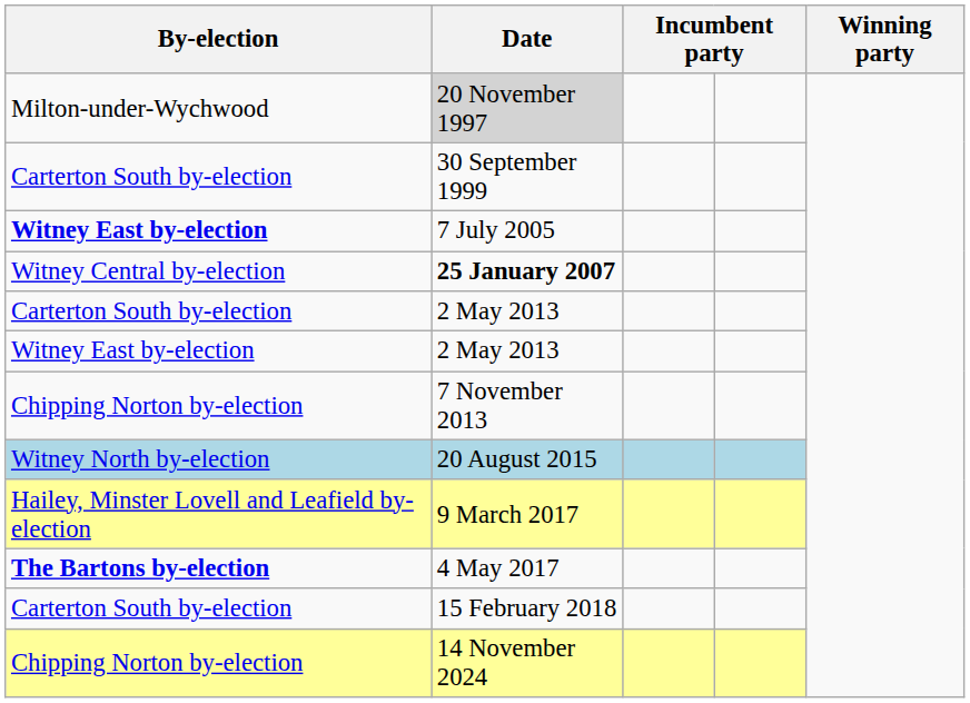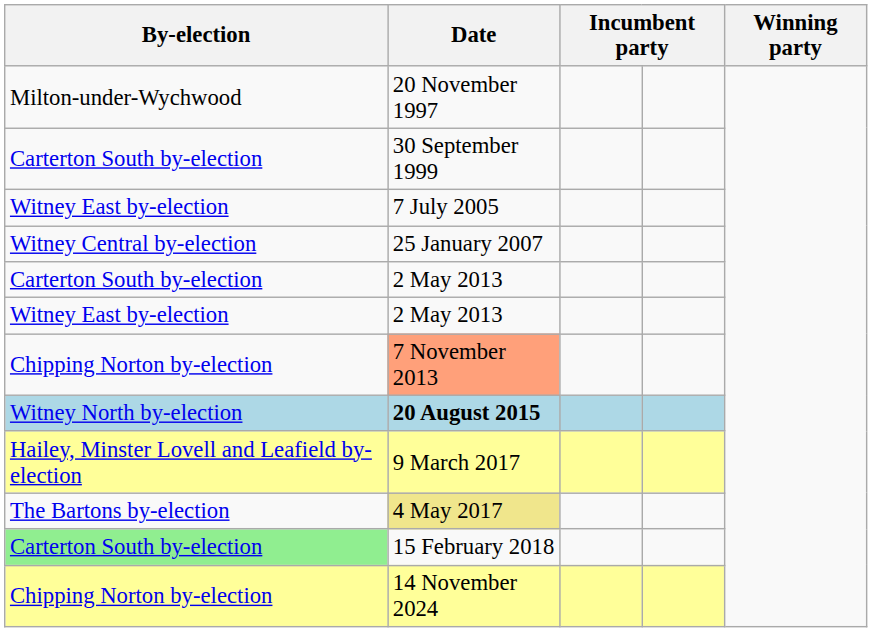 <table class="wikitable">
 <tr>
 <th>By-election</th>
 <th>Date</th>
 <th colspan=2>Incumbent party</th>
 <th colspan=2>Winning party</th>
 </tr>
 <tr>
 <td>Milton-under-Wychwood</td>
-<td style="background: lightgrey;">20 November 1997</td>
+<td>20 November 1997</td>
 <td></td>
 <td></td>
 </tr>
 <tr>
 <td><a href='#'>Carterton South by-election</a></td>
 <td>30 September 1999</td>
 <td></td>
 <td></td>
 </tr>
 <tr>
-<td><strong><a href='#'>Witney East by-election</a></strong></td>
+<td><a href='#'>Witney East by-election</a></td>
 <td>7 July 2005</td>
 <td></td>
 <td></td>
 </tr>
 <tr>
 <td><a href='#'>Witney Central by-election</a></td>
-<td><strong>25 January 2007</strong></td>
+<td>25 January 2007</td>
 <td></td>
 <td></td>
 </tr>
 <tr>
 <td><a href='#'>Carterton South by-election</a></td>
 <td>2 May 2013</td>
 <td></td>
 <td></td>
 </tr>
 <tr>
 <td><a href='#'>Witney East by-election</a></td>
 <td>2 May 2013</td>
 <td></td>
 <td></td>
 </tr>
 <tr>
 <td><a href='#'>Chipping Norton by-election</a></td>
-<td>7 November 2013</td>
+<td style="background: lightsalmon;">7 November 2013</td>
 <td></td>
 <td></td>
 </tr>
 <tr bgcolor=lightblue>
 <td><a href='#'>Witney North by-election</a></td>
-<td>20 August 2015</td>
+<td><strong>20 August 2015</strong></td>
 <td></td>
 <td></td>
 </tr>
 <tr bgcolor=#FFFF99>
 <td><a href='#'>Hailey, Minster Lovell and Leafield by-election</a></td>
 <td>9 March 2017</td>
 <td></td>
 <td></td>
 </tr>
 <tr>
-<td><strong><a href='#'>The Bartons by-election</a></strong></td>
-<td>4 May 2017</td>
+<td><a href='#'>The Bartons by-election</a></td>
+<td style="background: khaki;">4 May 2017</td>
 <td></td>
 <td></td>
 </tr>
 <tr>
-<td><a href='#'>Carterton South by-election</a></td>
+<td style="background: lightgreen;"><a href='#'>Carterton South by-election</a></td>
 <td>15 February 2018</td>
 <td></td>
 <td></td>
 </tr>
 <tr bgcolor=#FFFF99>
 <td><a href='#'>Chipping Norton by-election</a></td>
 <td>14 November 2024</td>
 <td></td>
 <td></td>
 </tr>
 </table>
